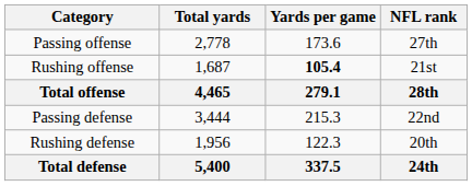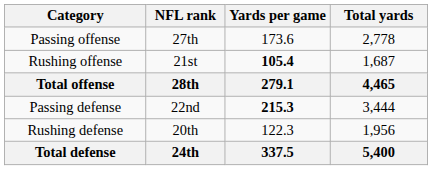 <table class="wikitable" style="text-align:center">
 <tr>
 <th width="150">Category</th>
+<th width="80">NFL rank<br></th>
+<th width="110">Yards per game</th>
 <th width="100">Total yards</th>
-<th width="110">Yards per game</th>
-<th width="80">NFL rank<br></th>
 </tr>
 <tr>
 <td>Passing offense</td>
+<td>27th</td>
+<td>173.6</td>
 <td>2,778</td>
-<td>173.6</td>
-<td>27th</td>
 </tr>
 <tr>
 <td>Rushing offense</td>
+<td>21st</td>
+<td><strong>105.4</strong></td>
 <td>1,687</td>
-<td><strong>105.4</strong></td>
-<td>21st</td>
 </tr>
 <tr>
 <th>Total offense</th>
+<th>28th</th>
+<th>279.1</th>
 <th>4,465</th>
-<th>279.1</th>
-<th>28th</th>
 </tr>
 <tr>
 <td>Passing defense</td>
+<td>22nd</td>
+<td><strong>215.3</strong></td>
 <td>3,444</td>
-<td>215.3</td>
-<td>22nd</td>
 </tr>
 <tr>
 <td>Rushing defense</td>
+<td>20th</td>
+<td>122.3</td>
 <td>1,956</td>
-<td>122.3</td>
-<td>20th</td>
 </tr>
 <tr>
 <th>Total defense</th>
+<th>24th</th>
+<th>337.5</th>
 <th>5,400</th>
-<th>337.5</th>
-<th>24th</th>
 </tr>
 </table>
